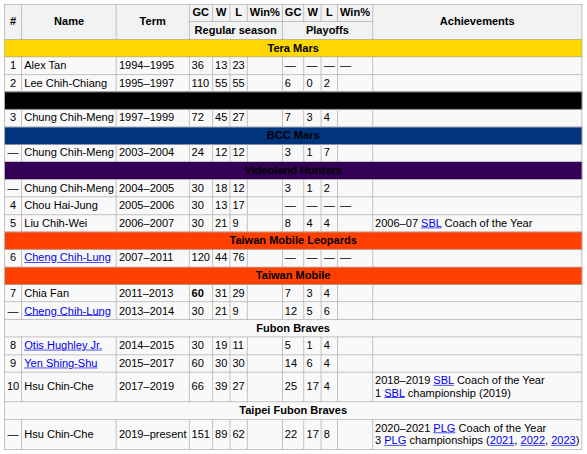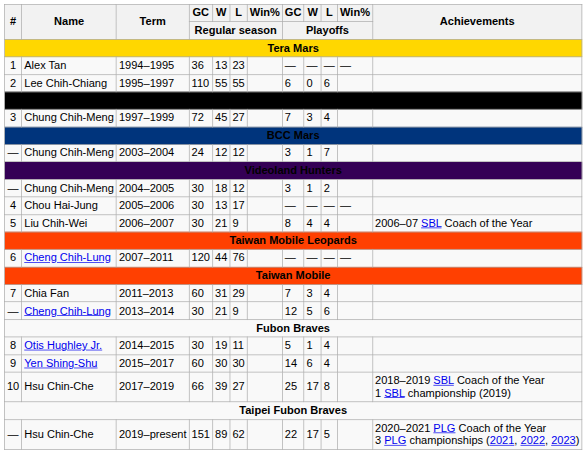 <table class="wikitable sortable">
 <tr>
 <th rowspan="2">#</th>
 <th rowspan="2">Name</th>
 <th rowspan="2">Term</th>
 <th>GC</th>
 <th>W</th>
 <th>L</th>
 <th>Win%</th>
 <th>GC</th>
 <th>W</th>
 <th>L</th>
 <th>Win%</th>
 <th rowspan="2" class=unsortable>Achievements</th>
 </tr>
 <tr class="unsortable">
 <th colspan="4">Regular season</th>
 <th colspan="4">Playoffs</th>
 </tr>
 <tr>
 <td align=center colspan="15" style="background-color:gold;"><span><strong>Tera Mars</strong></span></td>
 </tr>
 <tr>
 <td align=center>1</td>
 <td>Alex Tan</td>
 <td>1994–1995</td>
 <td>36</td>
 <td>13</td>
 <td>23</td>
 <td></td>
 <td>—</td>
 <td>—</td>
 <td>—</td>
 <td>—</td>
 <td></td>
 </tr>
 <tr>
 <td align=center>2</td>
 <td>Lee Chih-Chiang</td>
 <td>1995–1997</td>
 <td>110</td>
 <td>55</td>
 <td>55</td>
 <td></td>
 <td>6</td>
 <td>0</td>
-<td>2</td>
+<td>6</td>
 <td></td>
 <td></td>
 </tr>
 <tr>
 <td align=center colspan="15" style="background-color:black;"><span><strong>Mars/Kaohsiung Mars</strong></span></td>
 </tr>
 <tr>
 <td align=center>3</td>
 <td>Chung Chih-Meng</td>
 <td>1997–1999</td>
 <td>72</td>
 <td>45</td>
 <td>27</td>
 <td></td>
 <td>7</td>
 <td>3</td>
 <td>4</td>
 <td></td>
 <td></td>
 </tr>
 <tr>
 <td align=center colspan="15" style="background-color:#00347c;"><span><strong>BCC Mars</strong></span></td>
 </tr>
 <tr>
 <td align=center>—</td>
 <td>Chung Chih-Meng</td>
 <td>2003–2004</td>
 <td>24</td>
 <td>12</td>
 <td>12</td>
 <td></td>
 <td>3</td>
 <td>1</td>
 <td>7</td>
 <td></td>
 <td></td>
 </tr>
 <tr>
 <td align=center colspan="15" style="background-color:#340055;"><span><strong>Videoland Hunters</strong></span></td>
 </tr>
 <tr>
 <td align=center>—</td>
 <td>Chung Chih-Meng</td>
 <td>2004–2005</td>
 <td>30</td>
 <td>18</td>
 <td>12</td>
 <td></td>
 <td>3</td>
 <td>1</td>
 <td>2</td>
 <td></td>
 <td></td>
 </tr>
 <tr>
 <td align=center>4</td>
 <td>Chou Hai-Jung</td>
 <td>2005–2006</td>
 <td>30</td>
 <td>13</td>
 <td>17</td>
 <td></td>
 <td>—</td>
 <td>—</td>
 <td>—</td>
 <td>—</td>
 <td></td>
 </tr>
 <tr>
 <td align=center>5</td>
 <td>Liu Chih-Wei</td>
 <td>2006–2007</td>
 <td>30</td>
 <td>21</td>
 <td>9</td>
 <td></td>
 <td>8</td>
 <td>4</td>
 <td>4</td>
 <td></td>
 <td>2006–07 <a href='#'>SBL</a> Coach of the Year</td>
 </tr>
 <tr>
 <td align=center colspan="15" style="background-color:#ff4001;"><span><strong>Taiwan Mobile Leopards</strong></span></td>
 </tr>
 <tr>
 <td align=center>6</td>
 <td><a href='#'>Cheng Chih-Lung</a></td>
 <td>2007–2011</td>
 <td>120</td>
 <td>44</td>
 <td>76</td>
 <td></td>
 <td>—</td>
 <td>—</td>
 <td>—</td>
 <td>—</td>
 <td></td>
 </tr>
 <tr>
 <td align=center colspan="15" style="background-color:#ff4001;"><span><strong>Taiwan Mobile</strong></span></td>
 </tr>
 <tr>
 <td align=center>7</td>
 <td>Chia Fan</td>
 <td>2011–2013</td>
-<td><strong>60</strong></td>
+<td>60</td>
 <td>31</td>
 <td>29</td>
 <td></td>
 <td>7</td>
 <td>3</td>
 <td>4</td>
 <td></td>
 <td></td>
 </tr>
 <tr>
 <td align=center>—</td>
 <td><a href='#'>Cheng Chih-Lung</a></td>
 <td>2013–2014</td>
 <td>30</td>
 <td>21</td>
 <td>9</td>
 <td></td>
 <td>12</td>
 <td>5</td>
 <td>6</td>
 <td></td>
 <td></td>
 </tr>
 <tr>
 <td align=center colspan="15"><strong>Fubon Braves</strong></td>
 </tr>
 <tr>
 <td align=center>8</td>
 <td><a href='#'>Otis Hughley Jr.</a></td>
 <td>2014–2015</td>
 <td>30</td>
 <td>19</td>
 <td>11</td>
 <td></td>
 <td>5</td>
 <td>1</td>
 <td>4</td>
 <td></td>
 <td></td>
 </tr>
 <tr>
 <td align=center>9</td>
 <td><a href='#'>Yen Shing-Shu</a></td>
 <td>2015–2017</td>
 <td>60</td>
 <td>30</td>
 <td>30</td>
 <td></td>
 <td>14</td>
 <td>6</td>
 <td>4</td>
 <td></td>
 <td></td>
 </tr>
 <tr>
 <td align=center>10</td>
 <td>Hsu Chin-Che</td>
 <td>2017–2019</td>
 <td>66</td>
 <td>39</td>
 <td>27</td>
 <td></td>
 <td>25</td>
 <td>17</td>
-<td>4</td>
+<td>8</td>
 <td></td>
 <td>2018–2019 <a href='#'>SBL</a> Coach of the Year<br>1 <a href='#'>SBL</a> championship (2019)</td>
 </tr>
 <tr>
 <td align=center colspan="15"><strong>Taipei Fubon Braves</strong></td>
 </tr>
 <tr>
 <td align=center>—</td>
 <td>Hsu Chin-Che</td>
 <td>2019–present</td>
 <td>151</td>
 <td>89</td>
 <td>62</td>
 <td></td>
 <td>22</td>
 <td>17</td>
-<td>8</td>
+<td>5</td>
 <td></td>
 <td>2020–2021 <a href='#'>PLG</a> Coach of the Year<br>3 <a href='#'>PLG</a> championships (<a href='#'>2021</a>, <a href='#'>2022</a>, <a href='#'>2023</a>)<br></td>
 </tr>
 </table>
